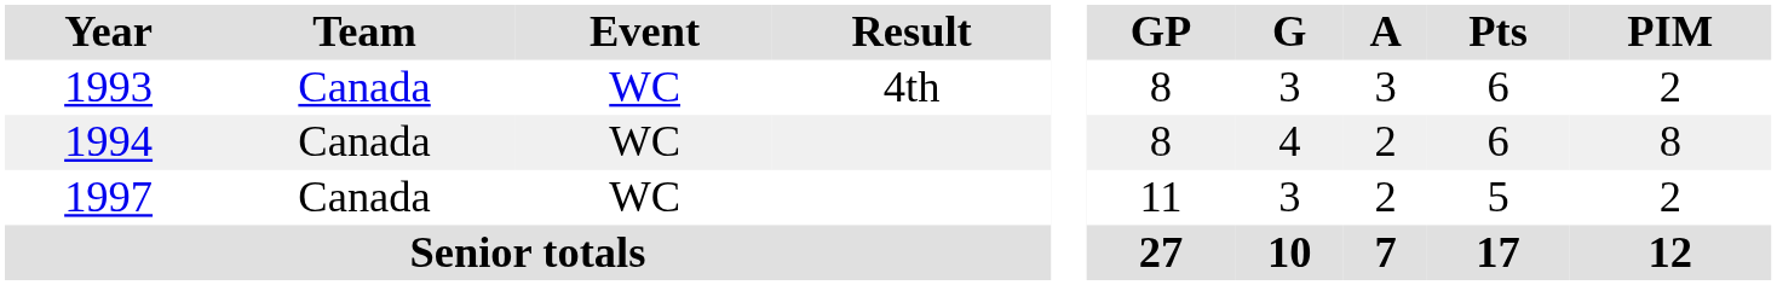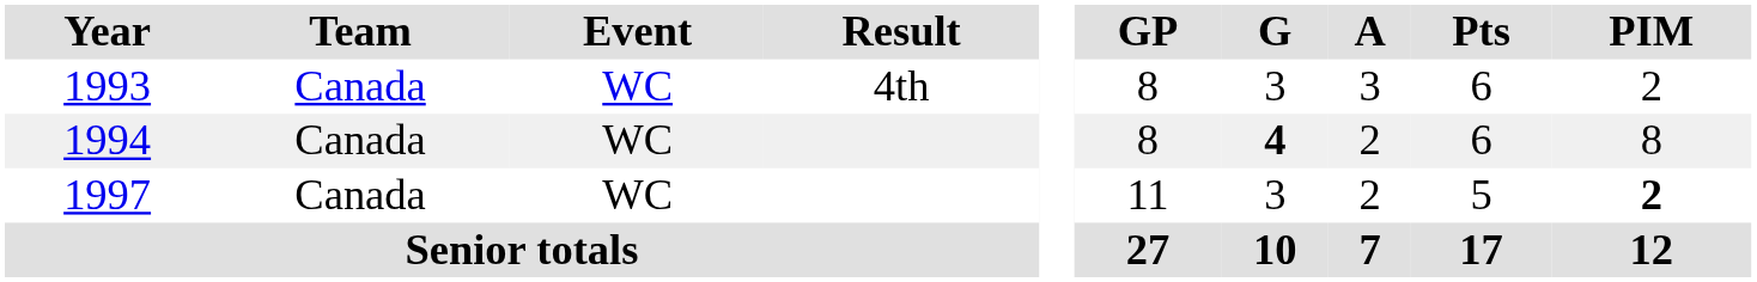 <table border="0" cellpadding="1" cellspacing="0" style="text-align:center; width:40em">
 <tr ALIGN="center" bgcolor="#e0e0e0">
 <th>Year</th>
 <th>Team</th>
 <th>Event</th>
 <th>Result</th>
 <th rowspan="99" bgcolor="#ffffff"> </th>
 <th>GP</th>
 <th>G</th>
 <th>A</th>
 <th>Pts</th>
 <th>PIM</th>
 </tr>
 <tr>
 <td><a href='#'>1993</a></td>
 <td><a href='#'>Canada</a></td>
 <td><a href='#'>WC</a></td>
 <td>4th</td>
 <td>8</td>
 <td>3</td>
 <td>3</td>
 <td>6</td>
 <td>2</td>
 </tr>
 <tr bgcolor="#f0f0f0">
 <td><a href='#'>1994</a></td>
 <td>Canada</td>
 <td>WC</td>
 <td></td>
 <td>8</td>
-<td>4</td>
+<td><strong>4</strong></td>
 <td>2</td>
 <td>6</td>
 <td>8</td>
 </tr>
 <tr>
 <td><a href='#'>1997</a></td>
 <td>Canada</td>
 <td>WC</td>
 <td></td>
 <td>11</td>
 <td>3</td>
 <td>2</td>
 <td>5</td>
-<td>2</td>
+<td><strong>2</strong></td>
 </tr>
 <tr bgcolor="#e0e0e0">
 <th colspan="4">Senior totals</th>
 <th>27</th>
 <th>10</th>
 <th>7</th>
 <th>17</th>
 <th>12</th>
 </tr>
 </table>
